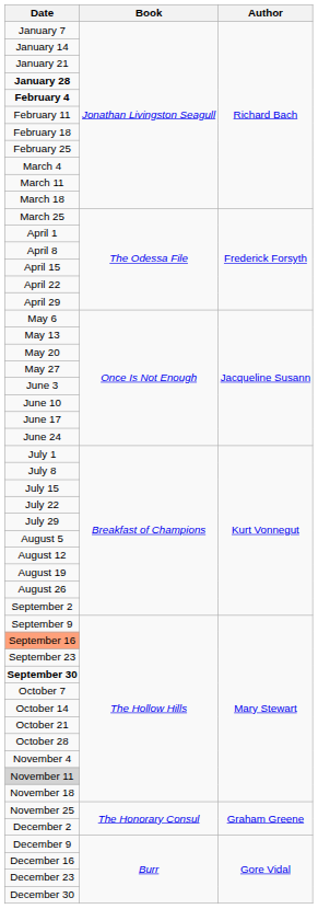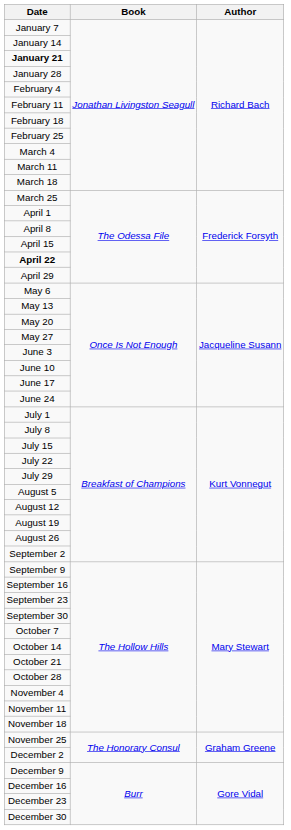 <table class="wikitable sortable" style="text-align: center">
 <tr>
 <th>Date</th>
 <th>Book</th>
 <th>Author</th>
 </tr>
 <tr>
 <td>January 7</td>
 <td rowspan=11><em><a href='#'>Jonathan Livingston Seagull</a></em></td>
 <td rowspan=11><a href='#'>Richard Bach</a></td>
 </tr>
 <tr>
 <td>January 14</td>
 </tr>
 <tr>
-<td>January 21</td>
+<td><strong>January 21</strong></td>
 </tr>
 <tr>
-<td><strong>January 28</strong></td>
+<td>January 28</td>
 </tr>
 <tr>
-<td><strong>February 4</strong></td>
+<td>February 4</td>
 </tr>
 <tr>
 <td>February 11</td>
 </tr>
 <tr>
 <td>February 18</td>
 </tr>
 <tr>
 <td>February 25</td>
 </tr>
 <tr>
 <td>March 4</td>
 </tr>
 <tr>
 <td>March 11</td>
 </tr>
 <tr>
 <td>March 18</td>
 </tr>
 <tr>
 <td>March 25</td>
 <td rowspan=6><em><a href='#'>The Odessa File</a></em></td>
 <td rowspan=6><a href='#'>Frederick Forsyth</a></td>
 </tr>
 <tr>
 <td>April 1</td>
 </tr>
 <tr>
 <td>April 8</td>
 </tr>
 <tr>
 <td>April 15</td>
 </tr>
 <tr>
-<td>April 22</td>
+<td><strong>April 22</strong></td>
 </tr>
 <tr>
 <td>April 29</td>
 </tr>
 <tr>
 <td>May 6</td>
 <td rowspan=8><em><a href='#'>Once Is Not Enough</a></em></td>
 <td rowspan=8><a href='#'>Jacqueline Susann</a></td>
 </tr>
 <tr>
 <td>May 13</td>
 </tr>
 <tr>
 <td>May 20</td>
 </tr>
 <tr>
 <td>May 27</td>
 </tr>
 <tr>
 <td>June 3</td>
 </tr>
 <tr>
 <td>June 10</td>
 </tr>
 <tr>
 <td>June 17</td>
 </tr>
 <tr>
 <td>June 24</td>
 </tr>
 <tr>
 <td>July 1</td>
 <td rowspan=10><em><a href='#'>Breakfast of Champions</a></em></td>
 <td rowspan=10><a href='#'>Kurt Vonnegut</a></td>
 </tr>
 <tr>
 <td>July 8</td>
 </tr>
 <tr>
 <td>July 15</td>
 </tr>
 <tr>
 <td>July 22</td>
 </tr>
 <tr>
 <td>July 29</td>
 </tr>
 <tr>
 <td>August 5</td>
 </tr>
 <tr>
 <td>August 12</td>
 </tr>
 <tr>
 <td>August 19</td>
 </tr>
 <tr>
 <td>August 26</td>
 </tr>
 <tr>
 <td>September 2</td>
 </tr>
 <tr>
 <td>September 9</td>
 <td rowspan=11><em><a href='#'>The Hollow Hills</a></em></td>
 <td rowspan=11><a href='#'>Mary Stewart</a></td>
 </tr>
 <tr>
-<td style="background: lightsalmon;">September 16</td>
+<td>September 16</td>
 </tr>
 <tr>
 <td>September 23</td>
 </tr>
 <tr>
-<td><strong>September 30</strong></td>
+<td>September 30</td>
 </tr>
 <tr>
 <td>October 7</td>
 </tr>
 <tr>
 <td>October 14</td>
 </tr>
 <tr>
 <td>October 21</td>
 </tr>
 <tr>
 <td>October 28</td>
 </tr>
 <tr>
 <td>November 4</td>
 </tr>
 <tr>
-<td style="background: lightgrey;">November 11</td>
+<td>November 11</td>
 </tr>
 <tr>
 <td>November 18</td>
 </tr>
 <tr>
 <td>November 25</td>
 <td rowspan=2><em><a href='#'>The Honorary Consul</a></em></td>
 <td rowspan=2><a href='#'>Graham Greene</a></td>
 </tr>
 <tr>
 <td>December 2</td>
 </tr>
 <tr>
 <td>December 9</td>
 <td rowspan=4><em><a href='#'>Burr</a></em></td>
 <td rowspan=4><a href='#'>Gore Vidal</a></td>
 </tr>
 <tr>
 <td>December 16</td>
 </tr>
 <tr>
 <td>December 23</td>
 </tr>
 <tr>
 <td>December 30</td>
 </tr>
 </table>
